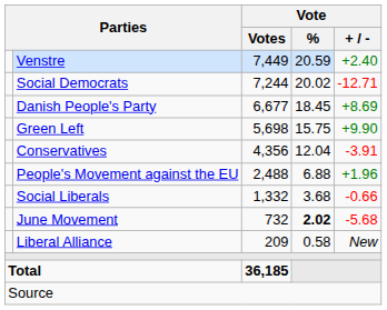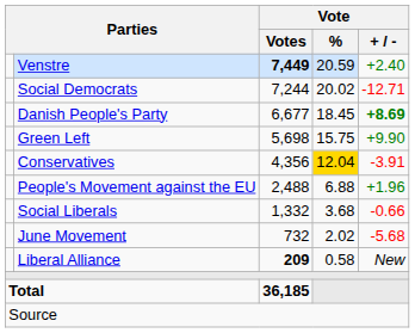 <table class="wikitable" style="text-align:right;">
 <tr>
 <th style="text-align:centre;" rowspan="2" colspan="2" width="225">Parties</th>
 <th colspan="3">Vote</th>
 </tr>
 <tr>
 <th width="15">Votes</th>
 <th width="15">%</th>
 <th width="15">+ / -</th>
 </tr>
 <tr>
 <td width="2" style="color:inherit;background:"></td>
 <td bgcolor=#cfe5fe   align="left"><a href='#'>Venstre</a></td>
-<td bgcolor=#cfe5fe>7,449</td>
+<td bgcolor=#cfe5fe><strong>7,449</strong></td>
 <td bgcolor=#cfe5fe>20.59</td>
 <td style=color:green;>+2.40</td>
 </tr>
 <tr>
 <td width="2" style="color:inherit;background:"></td>
 <td align="left"><a href='#'>Social Democrats</a></td>
 <td>7,244</td>
 <td>20.02</td>
 <td style=color:red;>-12.71</td>
 </tr>
 <tr>
 <td width="2" style="color:inherit;background:"></td>
 <td align="left"><a href='#'>Danish People's Party</a></td>
 <td>6,677</td>
 <td>18.45</td>
-<td style=color:green;>+8.69</td>
+<td style=color:green;><strong>+8.69</strong></td>
 </tr>
 <tr>
 <td width="2" style="color:inherit;background:"></td>
 <td align="left"><a href='#'>Green Left</a></td>
 <td>5,698</td>
 <td>15.75</td>
 <td style=color:green;>+9.90</td>
 </tr>
 <tr>
 <td width="2" style="color:inherit;background:"></td>
 <td align="left"><a href='#'>Conservatives</a></td>
 <td>4,356</td>
-<td>12.04</td>
+<td style="background: gold;">12.04</td>
 <td style=color:red;>-3.91</td>
 </tr>
 <tr>
 <td width="2" style="color:inherit;background:"></td>
 <td align="left"><a href='#'>People's Movement against the EU</a></td>
 <td>2,488</td>
 <td>6.88</td>
 <td style=color:green;>+1.96</td>
 </tr>
 <tr>
 <td width="2" style="color:inherit;background:"></td>
 <td align="left"><a href='#'>Social Liberals</a></td>
 <td>1,332</td>
 <td>3.68</td>
 <td style=color:red;>-0.66</td>
 </tr>
 <tr>
 <td width="2" style="color:inherit;background:"></td>
 <td align="left"><a href='#'>June Movement</a></td>
 <td>732</td>
-<td><strong>2.02</strong></td>
+<td>2.02</td>
 <td style=color:red;>-5.68</td>
 </tr>
 <tr>
 <td width="2" style="color:inherit;background:"></td>
 <td align="left"><a href='#'>Liberal Alliance</a></td>
-<td>209</td>
+<td><strong>209</strong></td>
 <td>0.58</td>
 <td><em>New</em></td>
 </tr>
 <tr>
 <td colspan="7" bgcolor="#E9E9E9"></td>
 </tr>
 <tr>
 <td align="left" colspan="2"><strong>Total</strong></td>
 <td><strong>36,185</strong></td>
 <td bgcolor="#E9E9E9" colspan="2"></td>
 </tr>
 <tr>
 <td align="left" colspan="6">Source</td>
 </tr>
 </table>
